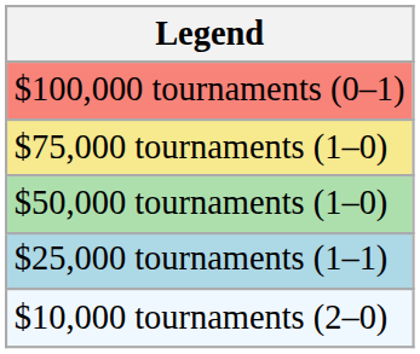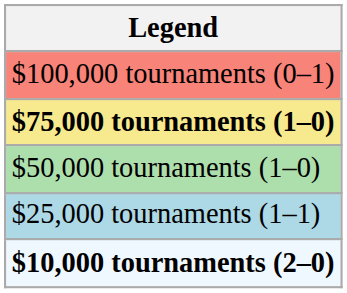 <table class="wikitable" style="font-size:85%;">
 <tr>
 <th>Legend</th>
 </tr>
 <tr style="background:#f88379;">
 <td>$100,000 tournaments (0–1)</td>
 </tr>
 <tr style="background:#f7e98e;">
-<td>$75,000 tournaments (1–0)</td>
+<td><strong>$75,000 tournaments (1–0)</strong></td>
 </tr>
 <tr style="background:#addfad;">
 <td>$50,000 tournaments (1–0)</td>
 </tr>
 <tr style="background:lightblue;">
 <td>$25,000 tournaments (1–1)</td>
 </tr>
 <tr style="background:#f0f8ff;">
-<td>$10,000 tournaments (2–0)</td>
+<td><strong>$10,000 tournaments (2–0)</strong></td>
 </tr>
 </table>
